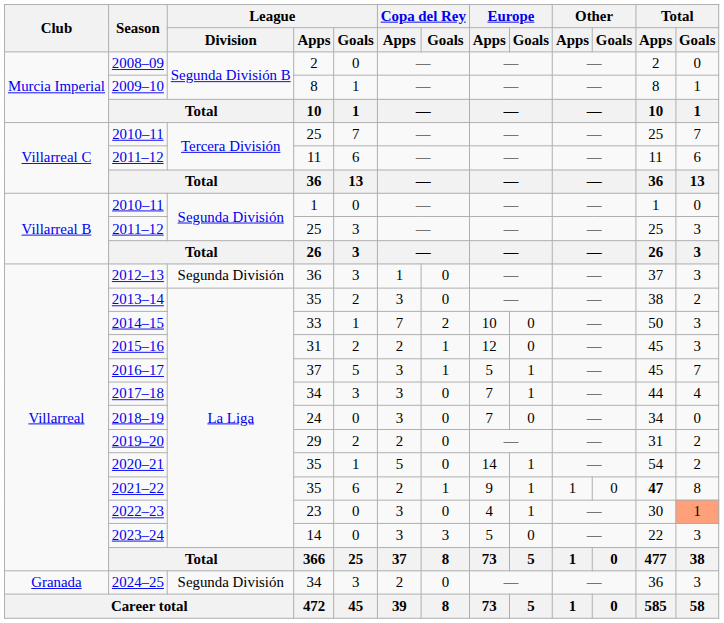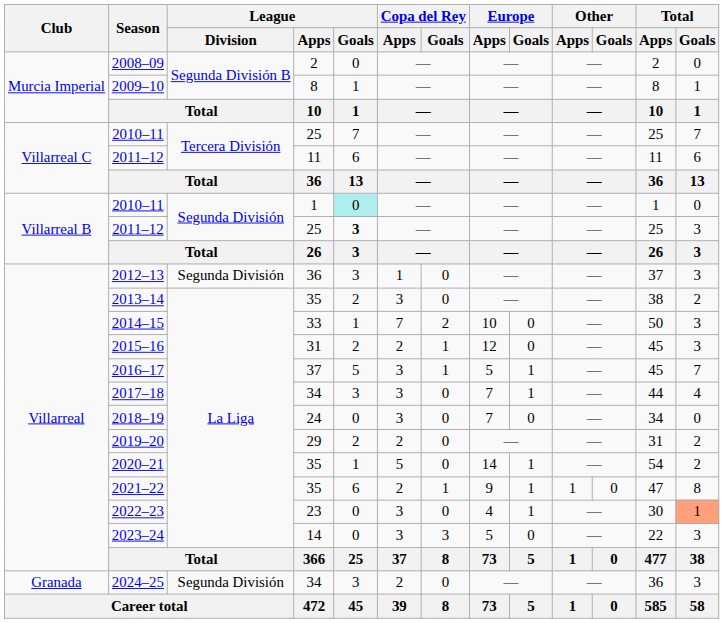 <table class="wikitable" style="text-align:center">
 <tr>
 <th rowspan=2>Club</th>
 <th rowspan=2>Season</th>
 <th colspan=3>League</th>
 <th colspan=2><a href='#'>Copa del Rey</a></th>
 <th colspan=2><a href='#'>Europe</a></th>
 <th colspan=2>Other</th>
 <th colspan=2>Total</th>
 </tr>
 <tr>
 <th>Division</th>
 <th>Apps</th>
 <th>Goals</th>
 <th>Apps</th>
 <th>Goals</th>
 <th>Apps</th>
 <th>Goals</th>
 <th>Apps</th>
 <th>Goals</th>
 <th>Apps</th>
 <th>Goals</th>
 </tr>
 <tr>
 <td rowspan=3><a href='#'>Murcia Imperial</a></td>
 <td><a href='#'>2008–09</a></td>
 <td rowspan=2><a href='#'>Segunda División B</a></td>
 <td>2</td>
 <td>0</td>
 <td colspan=2>—</td>
 <td colspan=2>—</td>
 <td colspan=2>—</td>
 <td>2</td>
 <td>0</td>
 </tr>
 <tr>
 <td><a href='#'>2009–10</a></td>
 <td>8</td>
 <td>1</td>
 <td colspan=2>—</td>
 <td colspan=2>—</td>
 <td colspan=2>—</td>
 <td>8</td>
 <td>1</td>
 </tr>
 <tr>
 <th colspan=2>Total</th>
 <th>10</th>
 <th>1</th>
 <th colspan=2>—</th>
 <th colspan=2>—</th>
 <th colspan=2>—</th>
 <th>10</th>
 <th>1</th>
 </tr>
 <tr>
 <td rowspan=3><a href='#'>Villarreal C</a></td>
 <td><a href='#'>2010–11</a></td>
 <td rowspan=2><a href='#'>Tercera División</a></td>
 <td>25</td>
 <td>7</td>
 <td colspan=2>—</td>
 <td colspan=2>—</td>
 <td colspan=2>—</td>
 <td>25</td>
 <td>7</td>
 </tr>
 <tr>
 <td><a href='#'>2011–12</a></td>
 <td>11</td>
 <td>6</td>
 <td colspan=2>—</td>
 <td colspan=2>—</td>
 <td colspan=2>—</td>
 <td>11</td>
 <td>6</td>
 </tr>
 <tr>
 <th colspan=2>Total</th>
 <th>36</th>
 <th>13</th>
 <th colspan=2>—</th>
 <th colspan=2>—</th>
 <th colspan=2>—</th>
 <th>36</th>
 <th>13</th>
 </tr>
 <tr>
 <td rowspan=3><a href='#'>Villarreal B</a></td>
 <td><a href='#'>2010–11</a></td>
 <td rowspan=2><a href='#'>Segunda División</a></td>
 <td>1</td>
-<td>0</td>
+<td style="background: paleturquoise;">0</td>
 <td colspan=2>—</td>
 <td colspan=2>—</td>
 <td colspan=2>—</td>
 <td>1</td>
 <td>0</td>
 </tr>
 <tr>
 <td><a href='#'>2011–12</a></td>
 <td>25</td>
-<td>3</td>
+<td><strong>3</strong></td>
 <td colspan=2>—</td>
 <td colspan=2>—</td>
 <td colspan=2>—</td>
 <td>25</td>
 <td>3</td>
 </tr>
 <tr>
 <th colspan=2>Total</th>
 <th>26</th>
 <th>3</th>
 <th colspan=2>—</th>
 <th colspan=2>—</th>
 <th colspan=2>—</th>
 <th>26</th>
 <th>3</th>
 </tr>
 <tr>
 <td rowspan=13><a href='#'>Villarreal</a></td>
 <td><a href='#'>2012–13</a></td>
 <td>Segunda División</td>
 <td>36</td>
 <td>3</td>
 <td>1</td>
 <td>0</td>
 <td colspan=2>—</td>
 <td colspan=2>—</td>
 <td>37</td>
 <td>3</td>
 </tr>
 <tr>
 <td><a href='#'>2013–14</a></td>
 <td rowspan=11><a href='#'>La Liga</a></td>
 <td>35</td>
 <td>2</td>
 <td>3</td>
 <td>0</td>
 <td colspan=2>—</td>
 <td colspan=2>—</td>
 <td>38</td>
 <td>2</td>
 </tr>
 <tr>
 <td><a href='#'>2014–15</a></td>
 <td>33</td>
 <td>1</td>
 <td>7</td>
 <td>2</td>
 <td>10</td>
 <td>0</td>
 <td colspan=2>—</td>
 <td>50</td>
 <td>3</td>
 </tr>
 <tr>
 <td><a href='#'>2015–16</a></td>
 <td>31</td>
 <td>2</td>
 <td>2</td>
 <td>1</td>
 <td>12</td>
 <td>0</td>
 <td colspan=2>—</td>
 <td>45</td>
 <td>3</td>
 </tr>
 <tr>
 <td><a href='#'>2016–17</a></td>
 <td>37</td>
 <td>5</td>
 <td>3</td>
 <td>1</td>
 <td>5</td>
 <td>1</td>
 <td colspan=2>—</td>
 <td>45</td>
 <td>7</td>
 </tr>
 <tr>
 <td><a href='#'>2017–18</a></td>
 <td>34</td>
 <td>3</td>
 <td>3</td>
 <td>0</td>
 <td>7</td>
 <td>1</td>
 <td colspan=2>—</td>
 <td>44</td>
 <td>4</td>
 </tr>
 <tr>
 <td><a href='#'>2018–19</a></td>
 <td>24</td>
 <td>0</td>
 <td>3</td>
 <td>0</td>
 <td>7</td>
 <td>0</td>
 <td colspan=2>—</td>
 <td>34</td>
 <td>0</td>
 </tr>
 <tr>
 <td><a href='#'>2019–20</a></td>
 <td>29</td>
 <td>2</td>
 <td>2</td>
 <td>0</td>
 <td colspan=2>—</td>
 <td colspan=2>—</td>
 <td>31</td>
 <td>2</td>
 </tr>
 <tr>
 <td><a href='#'>2020–21</a></td>
 <td>35</td>
 <td>1</td>
 <td>5</td>
 <td>0</td>
 <td>14</td>
 <td>1</td>
 <td colspan=2>—</td>
 <td>54</td>
 <td>2</td>
 </tr>
 <tr>
 <td><a href='#'>2021–22</a></td>
 <td>35</td>
 <td>6</td>
 <td>2</td>
 <td>1</td>
 <td>9</td>
 <td>1</td>
 <td>1</td>
 <td>0</td>
-<td><strong>47</strong></td>
+<td>47</td>
 <td>8</td>
 </tr>
 <tr>
 <td><a href='#'>2022–23</a></td>
 <td>23</td>
 <td>0</td>
 <td>3</td>
 <td>0</td>
 <td>4</td>
 <td>1</td>
 <td colspan=2>—</td>
 <td>30</td>
 <td style="background: lightsalmon;">1</td>
 </tr>
 <tr>
 <td><a href='#'>2023–24</a></td>
 <td>14</td>
 <td>0</td>
 <td>3</td>
 <td>3</td>
 <td>5</td>
 <td>0</td>
 <td colspan=2>—</td>
 <td>22</td>
 <td>3</td>
 </tr>
 <tr>
 <th colspan=2>Total</th>
 <th>366</th>
 <th>25</th>
 <th>37</th>
 <th>8</th>
 <th>73</th>
 <th>5</th>
 <th>1</th>
 <th>0</th>
 <th>477</th>
 <th>38</th>
 </tr>
 <tr>
 <td><a href='#'>Granada</a></td>
 <td><a href='#'>2024–25</a></td>
 <td>Segunda División</td>
 <td>34</td>
 <td>3</td>
 <td>2</td>
 <td>0</td>
 <td colspan=2>—</td>
 <td colspan=2>—</td>
 <td>36</td>
 <td>3</td>
 </tr>
 <tr>
 <th colspan=3>Career total</th>
 <th>472</th>
 <th>45</th>
 <th>39</th>
 <th>8</th>
 <th>73</th>
 <th>5</th>
 <th>1</th>
 <th>0</th>
 <th>585</th>
 <th>58</th>
 </tr>
 </table>
